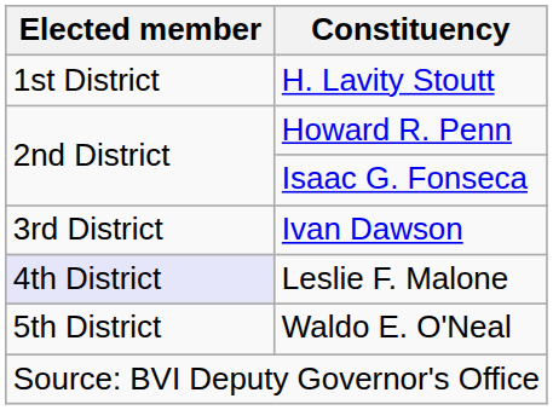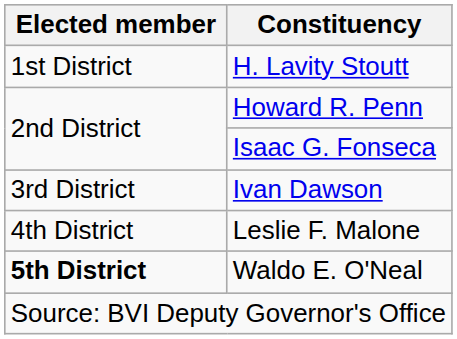 <table class=wikitable>
 <tr>
 <th>Elected member</th>
 <th>Constituency</th>
 </tr>
 <tr>
 <td>1st District</td>
 <td><a href='#'>H. Lavity Stoutt</a></td>
 </tr>
 <tr>
 <td rowspan=2>2nd District</td>
 <td><a href='#'>Howard R. Penn</a></td>
 </tr>
 <tr>
 <td><a href='#'>Isaac G. Fonseca</a></td>
 </tr>
 <tr>
 <td>3rd District</td>
 <td><a href='#'>Ivan Dawson</a></td>
 </tr>
 <tr>
-<td style="background: lavender;">4th District</td>
+<td>4th District</td>
 <td>Leslie F. Malone</td>
 </tr>
 <tr>
-<td>5th District</td>
+<td><strong>5th District</strong></td>
 <td>Waldo E. O'Neal</td>
 </tr>
 <tr>
 <td colspan=2>Source: BVI Deputy Governor's Office</td>
 </tr>
 </table>
